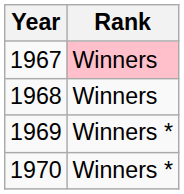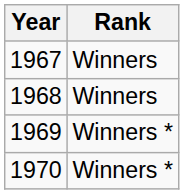 <table class="wikitable">
 <tr>
 <th>Year</th>
 <th>Rank</th>
 </tr>
 <tr>
 <td>1967</td>
-<td style="background: pink;">Winners</td>
+<td>Winners</td>
 </tr>
 <tr>
 <td>1968</td>
 <td>Winners</td>
 </tr>
 <tr>
 <td>1969</td>
 <td>Winners *</td>
 </tr>
 <tr>
 <td>1970</td>
 <td>Winners *</td>
 </tr>
 </table>
